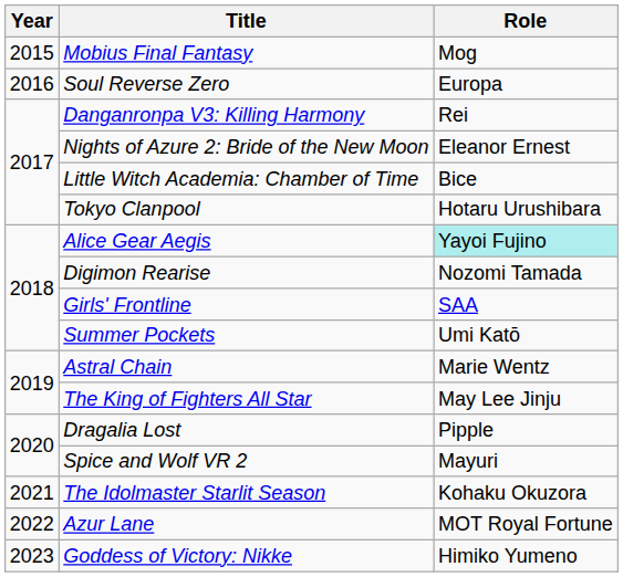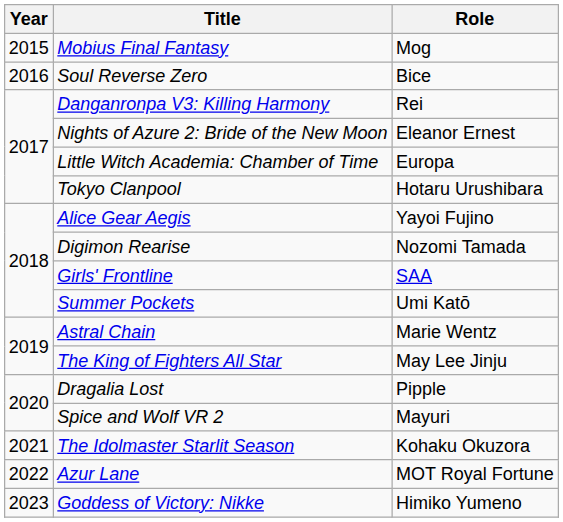 <table class="wikitable" style="font-size: 90%;">
 <tr>
 <th>Year</th>
 <th>Title</th>
 <th>Role</th>
 </tr>
 <tr>
 <td>2015</td>
 <td><em><a href='#'>Mobius Final Fantasy</a></em></td>
 <td>Mog</td>
 </tr>
 <tr>
 <td>2016</td>
 <td><em>Soul Reverse Zero</em></td>
-<td>Europa</td>
+<td>Bice</td>
 </tr>
 <tr>
 <td rowspan="4">2017</td>
 <td><em><a href='#'>Danganronpa V3: Killing Harmony</a></em></td>
 <td>Rei</td>
 </tr>
 <tr>
 <td><em>Nights of Azure 2: Bride of the New Moon</em></td>
 <td>Eleanor Ernest</td>
 </tr>
 <tr>
 <td><em>Little Witch Academia: Chamber of Time</em></td>
-<td>Bice</td>
+<td>Europa</td>
 </tr>
 <tr>
 <td><em>Tokyo Clanpool</em></td>
 <td>Hotaru Urushibara</td>
 </tr>
 <tr>
 <td rowspan="4">2018</td>
 <td><em><a href='#'>Alice Gear Aegis</a></em></td>
-<td style="background: paleturquoise;">Yayoi Fujino</td>
+<td>Yayoi Fujino</td>
 </tr>
 <tr>
 <td><em>Digimon Rearise</em></td>
 <td>Nozomi Tamada</td>
 </tr>
 <tr>
 <td><em><a href='#'>Girls' Frontline</a></em></td>
 <td><a href='#'>SAA</a></td>
 </tr>
 <tr>
 <td><em><a href='#'>Summer Pockets</a></em></td>
 <td>Umi Katō</td>
 </tr>
 <tr>
 <td rowspan="2">2019</td>
 <td><em><a href='#'>Astral Chain</a></em></td>
 <td>Marie Wentz</td>
 </tr>
 <tr>
 <td><em><a href='#'>The King of Fighters All Star</a></em></td>
 <td>May Lee Jinju</td>
 </tr>
 <tr>
 <td rowspan="2">2020</td>
 <td><em>Dragalia Lost</em></td>
 <td>Pipple</td>
 </tr>
 <tr>
 <td><em>Spice and Wolf VR 2</em></td>
 <td>Mayuri</td>
 </tr>
 <tr>
 <td>2021</td>
 <td><em><a href='#'>The Idolmaster Starlit Season</a></em></td>
 <td>Kohaku Okuzora</td>
 </tr>
 <tr>
 <td>2022</td>
 <td><em><a href='#'>Azur Lane</a></em></td>
 <td>MOT Royal Fortune</td>
 </tr>
 <tr>
 <td>2023</td>
 <td><em><a href='#'>Goddess of Victory: Nikke</a></em></td>
 <td>Himiko Yumeno</td>
 </tr>
 </table>
